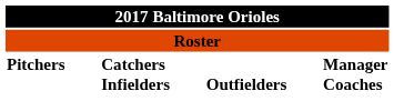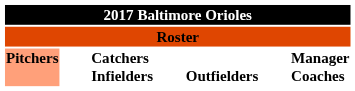 <table class="toccolours" style="font-size: 95%;">
 <tr>
 <th colspan="10" style="background:#000000; color:#FFFFFF; text-align:center;">2017 Baltimore Orioles</th>
 </tr>
 <tr>
 <td colspan="10" style="background:#DF4601; color:#000000; text-align:center;"><strong>Roster</strong></td>
 </tr>
 <tr>
-<td valign="top"><strong>Pitchers</strong><br>                         </td>
+<td valign="top" style="background: lightsalmon;"><strong>Pitchers</strong><br>                         </td>
 <td style="width:25px;"></td>
 <td valign="top"><strong>Catchers</strong><br>    <strong>Infielders</strong>          </td>
 <td style="width:25px;"></td>
 <td valign="top"><br><strong>Outfielders</strong>          </td>
 <td style="width:25px;"></td>
 <td valign="top"><strong>Manager</strong><br> <strong>Coaches</strong>                </td>
 </tr>
 </table>
